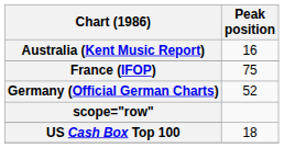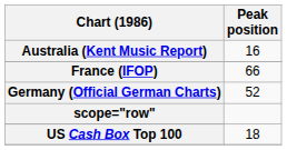 <table class="wikitable sortable plainrowheaders" style="text-align:center">
 <tr>
 <th scope="col">Chart (1986)</th>
 <th scope="col">Peak<br> position</th>
 </tr>
 <tr>
 <th scope="row">Australia (<a href='#'>Kent Music Report</a>)</th>
 <td style="text-align:center">16</td>
 </tr>
 <tr>
 </tr>
 <tr>
 <th scope="row">France (<a href='#'>IFOP</a>)</th>
-<td align="center">75</td>
+<td align="center">66</td>
 </tr>
 <tr>
 <th scope="row">Germany (<a href='#'>Official German Charts</a>)</th>
 <td align="center">52</td>
 </tr>
 <tr>
 <th>scope="row" </th>
 </tr>
 <tr>
 </tr>
 <tr>
 </tr>
 <tr>
 </tr>
 <tr>
 </tr>
 <tr>
 </tr>
 <tr>
 <th scope="row">US <a href='#'><em>Cash Box</em></a> Top 100</th>
 <td align="center">18</td>
 </tr>
 <tr>
 </tr>
 </table>
